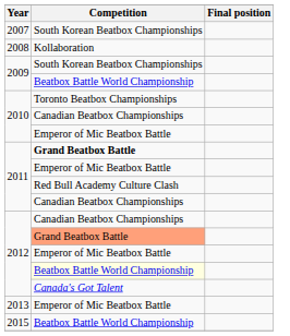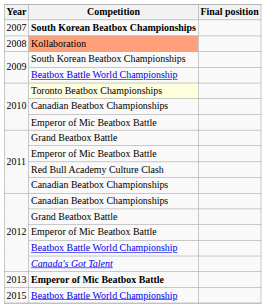 <table class="wikitable sortable">
 <tr>
 </tr>
 <tr>
 <th>Year</th>
 <th>Competition</th>
 <th>Final position</th>
 </tr>
 <tr>
 <td>2007</td>
-<td>South Korean Beatbox Championships</td>
+<td><strong>South Korean Beatbox Championships</strong></td>
 <td></td>
 </tr>
 <tr>
 <td>2008</td>
-<td>Kollaboration</td>
+<td style="background: lightsalmon;">Kollaboration</td>
 <td></td>
 </tr>
 <tr>
 <td rowspan="2">2009</td>
 <td>South Korean Beatbox Championships</td>
 <td></td>
 </tr>
 <tr>
 <td><a href='#'>Beatbox Battle World Championship</a></td>
 <td align="center"></td>
 </tr>
 <tr>
 <td rowspan="3">2010</td>
-<td>Toronto Beatbox Championships</td>
+<td style="background: lightyellow;">Toronto Beatbox Championships</td>
 <td></td>
 </tr>
 <tr>
 <td>Canadian Beatbox Championships</td>
 <td></td>
 </tr>
 <tr>
 <td>Emperor of Mic Beatbox Battle</td>
 <td align="center"></td>
 </tr>
 <tr>
 <td rowspan="4">2011</td>
-<td><strong>Grand Beatbox Battle</strong></td>
+<td>Grand Beatbox Battle</td>
 <td></td>
 </tr>
 <tr>
 <td>Emperor of Mic Beatbox Battle</td>
 <td></td>
 </tr>
 <tr>
 <td>Red Bull Academy Culture Clash</td>
 <td></td>
 </tr>
 <tr>
 <td>Canadian Beatbox Championships</td>
 <td></td>
 </tr>
 <tr>
 <td rowspan="5">2012</td>
 <td>Canadian Beatbox Championships</td>
 <td align="center"></td>
 </tr>
 <tr>
-<td style="background: lightsalmon;">Grand Beatbox Battle</td>
+<td>Grand Beatbox Battle</td>
 <td align="center"></td>
 </tr>
 <tr>
 <td>Emperor of Mic Beatbox Battle</td>
 <td align="center"></td>
 </tr>
 <tr>
-<td style="background: lightyellow;"><a href='#'>Beatbox Battle World Championship</a></td>
+<td><a href='#'>Beatbox Battle World Championship</a></td>
 <td align="center"></td>
 </tr>
 <tr>
 <td><em><a href='#'>Canada's Got Talent</a></em></td>
 <td align="center"></td>
 </tr>
 <tr>
 <td rowspan="1">2013</td>
-<td>Emperor of Mic Beatbox Battle</td>
+<td><strong>Emperor of Mic Beatbox Battle</strong></td>
 <td></td>
 </tr>
 <tr>
 <td rowspan="1">2015</td>
 <td><a href='#'>Beatbox Battle World Championship</a></td>
 <td align="center"></td>
 </tr>
 <tr>
 </tr>
 </table>
